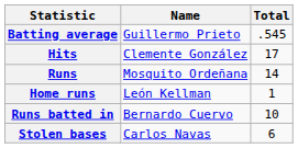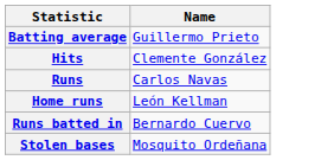 <table class="wikitable plainrowheaders">
 <tr>
 <th scope="col">Statistic</th>
 <th scope="col">Name</th>
-<th scope="col">Total</th>
 </tr>
 <tr>
 <th scope="row"><a href='#'>Batting average</a></th>
 <td> <a href='#'>Guillermo Prieto</a></td>
-<td align=center>.545</td>
 </tr>
 <tr>
 <th scope="row"><a href='#'>Hits</a></th>
 <td> <a href='#'>Clemente González</a></td>
-<td align=center>17</td>
 </tr>
 <tr>
 <th scope="row"><a href='#'>Runs</a></th>
-<td> <a href='#'>Mosquito Ordeñana</a></td>
-<td align=center>14</td>
+<td> <a href='#'>Carlos Navas</a></td>
 </tr>
 <tr>
 <th scope="row"><a href='#'>Home runs</a></th>
 <td> <a href='#'>León Kellman</a></td>
-<td align=center>1</td>
 </tr>
 <tr>
 <th scope="row"><a href='#'>Runs batted in</a></th>
 <td> <a href='#'>Bernardo Cuervo</a></td>
-<td align=center>10</td>
 </tr>
 <tr>
 <th scope="row"><a href='#'>Stolen bases</a></th>
-<td> <a href='#'>Carlos Navas</a></td>
-<td align=center>6</td>
+<td> <a href='#'>Mosquito Ordeñana</a></td>
 </tr>
 </table>
